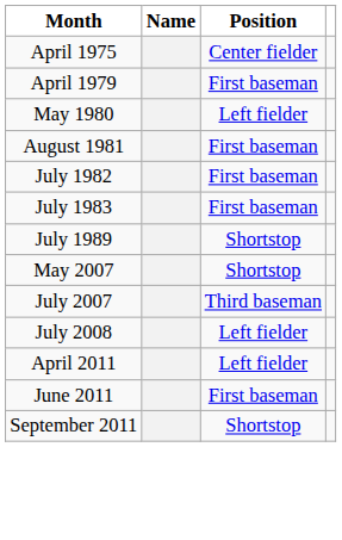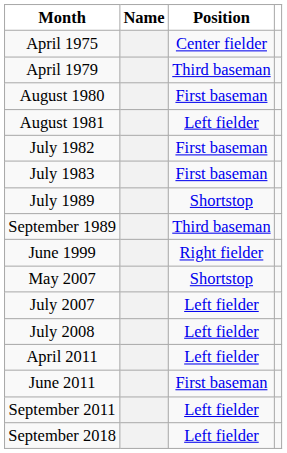 <table class="wikitable sortable plainrowheaders" style="text-align:center">
 <tr>
 <th scope="col" style="background-color:#ffffff; border-top:#">Month</th>
 <th scope="col" style="background-color:#ffffff; border-top:#">Name</th>
 <th scope="col" style="background-color:#ffffff; border-top:#">Position</th>
 <th scope="col" class="unsortable" style="background-color:#ffffff; border-top:#"></th>
 </tr>
 <tr>
 <td>April 1975</td>
 <th scope="row" style="text-align:center"> </th>
 <td><a href='#'>Center fielder</a></td>
 <td></td>
 </tr>
 <tr>
 <td>April 1979</td>
 <th scope="row" style="text-align:center"> </th>
-<td><a href='#'>First baseman</a></td>
+<td><a href='#'>Third baseman</a></td>
 <td></td>
 </tr>
 <tr>
-<td>May 1980</td>
-<th scope="row" style="text-align:center"></th>
-<td><a href='#'>Left fielder</a></td>
+<td>August 1980</td>
+<th scope="row" style="text-align:center"> </th>
+<td><a href='#'>First baseman</a></td>
 <td></td>
 </tr>
 <tr>
 <td>August 1981</td>
 <th scope="row" style="text-align:center"> </th>
-<td><a href='#'>First baseman</a></td>
+<td><a href='#'>Left fielder</a></td>
 <td></td>
 </tr>
 <tr>
 <td>July 1982</td>
 <th scope="row" style="text-align:center"> </th>
 <td><a href='#'>First baseman</a></td>
 <td></td>
 </tr>
 <tr>
 <td>July 1983</td>
 <th scope="row" style="text-align:center"> </th>
 <td><a href='#'>First baseman</a></td>
 <td></td>
 </tr>
 <tr>
 <td>July 1989</td>
 <th scope="row" style="text-align:center"> </th>
 <td><a href='#'>Shortstop</a></td>
 <td></td>
 </tr>
 <tr>
+<td>September 1989</td>
+<th scope="row" style="text-align:center"></th>
+<td><a href='#'>Third baseman</a></td>
+<td></td>
+</tr>
+<tr>
+<td>June 1999</td>
+<th scope="row" style="text-align:center"></th>
+<td><a href='#'>Right fielder</a></td>
+<td></td>
+</tr>
+<tr>
 <td>May 2007</td>
 <th scope="row" style="text-align:center"> </th>
 <td><a href='#'>Shortstop</a></td>
 <td></td>
 </tr>
 <tr>
 <td>July 2007</td>
 <th scope="row" style="text-align:center"> </th>
-<td><a href='#'>Third baseman</a></td>
+<td><a href='#'>Left fielder</a></td>
 <td></td>
 </tr>
 <tr>
 <td>July 2008</td>
 <th scope="row" style="text-align:center"> </th>
 <td><a href='#'>Left fielder</a></td>
 <td></td>
 </tr>
 <tr>
 <td>April 2011</td>
 <th scope="row" style="text-align:center"> </th>
 <td><a href='#'>Left fielder</a></td>
 <td></td>
 </tr>
 <tr>
 <td>June 2011</td>
 <th scope="row" style="text-align:center"> </th>
 <td><a href='#'>First baseman</a></td>
 <td></td>
 </tr>
 <tr>
 <td>September 2011</td>
 <th scope="row" style="text-align:center"> </th>
-<td><a href='#'>Shortstop</a></td>
+<td><a href='#'>Left fielder</a></td>
+<td></td>
+</tr>
+<tr>
+<td>September 2018</td>
+<th scope="row" style="text-align:center"></th>
+<td><a href='#'>Left fielder</a></td>
 <td></td>
 </tr>
 </table>
